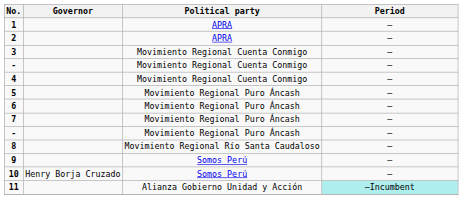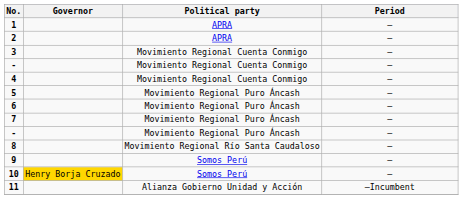 <table class=wikitable>
 <tr style="text-align:center; background:#e6e9ff;">
 <th>No.</th>
 <th>Governor</th>
 <th>Political party</th>
 <th width=30%>Period<br></th>
 </tr>
 <tr>
 <td align="center"><strong>1</strong></td>
 <td align="center"></td>
 <td align="center"><a href='#'>APRA</a></td>
 <td align="center">–<br></td>
 </tr>
 <tr>
 <td align="center"><strong>2</strong></td>
 <td align="center"></td>
 <td align="center"><a href='#'>APRA</a></td>
 <td align="center">–<br></td>
 </tr>
 <tr>
 <td align="center"><strong>3</strong></td>
 <td align="center"></td>
 <td align="center">Movimiento Regional Cuenta Conmigo</td>
 <td align="center">–<br></td>
 </tr>
 <tr>
 <td align="center"><strong>-</strong></td>
 <td align="center"></td>
 <td align="center">Movimiento Regional Cuenta Conmigo</td>
 <td align="center">–<br></td>
 </tr>
 <tr>
 <td align="center"><strong>4</strong></td>
 <td align="center"></td>
 <td align="center">Movimiento Regional Cuenta Conmigo</td>
 <td align="center">–<br></td>
 </tr>
 <tr>
 <td align="center"><strong>5</strong></td>
 <td align="center"></td>
 <td align="center">Movimiento Regional Puro Áncash</td>
 <td align="center">–<br></td>
 </tr>
 <tr>
 <td align="center"><strong>6</strong></td>
 <td align="center"></td>
 <td align="center">Movimiento Regional Puro Áncash</td>
 <td align="center">–<br></td>
 </tr>
 <tr>
 <td align="center"><strong>7</strong></td>
 <td align="center"></td>
 <td align="center">Movimiento Regional Puro Áncash</td>
 <td align="center">–<br></td>
 </tr>
 <tr>
 <td align="center"><strong>-</strong></td>
 <td align="center"></td>
 <td align="center">Movimiento Regional Puro Áncash</td>
 <td align="center">–<br></td>
 </tr>
 <tr>
 <td align="center"><strong>8</strong></td>
 <td align="center"></td>
 <td align="center">Movimiento Regional Río Santa Caudaloso</td>
 <td align="center">–<br></td>
 </tr>
 <tr>
 <td align="center"><strong>9</strong></td>
 <td align="center"></td>
 <td align="center"><a href='#'>Somos Perú</a></td>
 <td align="center">–<br></td>
 </tr>
 <tr>
 <td align="center"><strong>10</strong></td>
-<td align="center">Henry Borja Cruzado</td>
+<td align="center" style="background: gold;">Henry Borja Cruzado</td>
 <td align="center"><a href='#'>Somos Perú</a></td>
 <td align="center">–<br></td>
 </tr>
 <tr>
 <td align="center"><strong>11</strong></td>
 <td align="center"></td>
 <td align="center">Alianza Gobierno Unidad y Acción</td>
-<td align="center" style="background: paleturquoise;">–Incumbent<br></td>
+<td align="center">–Incumbent<br></td>
 </tr>
 <tr>
 </tr>
 </table>
